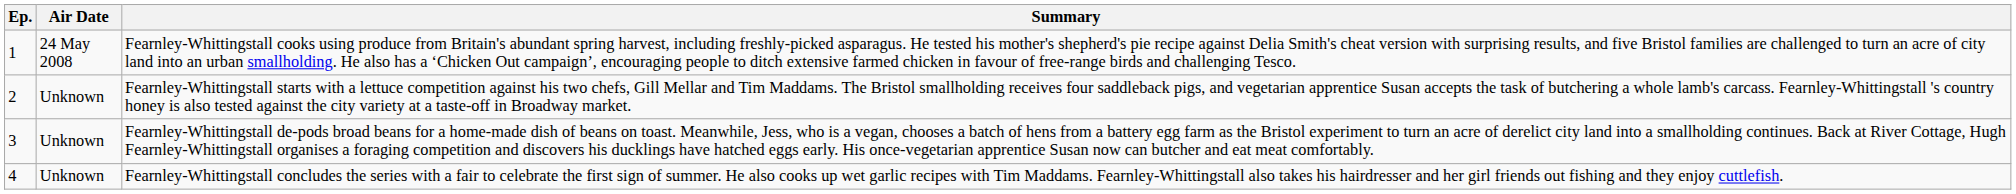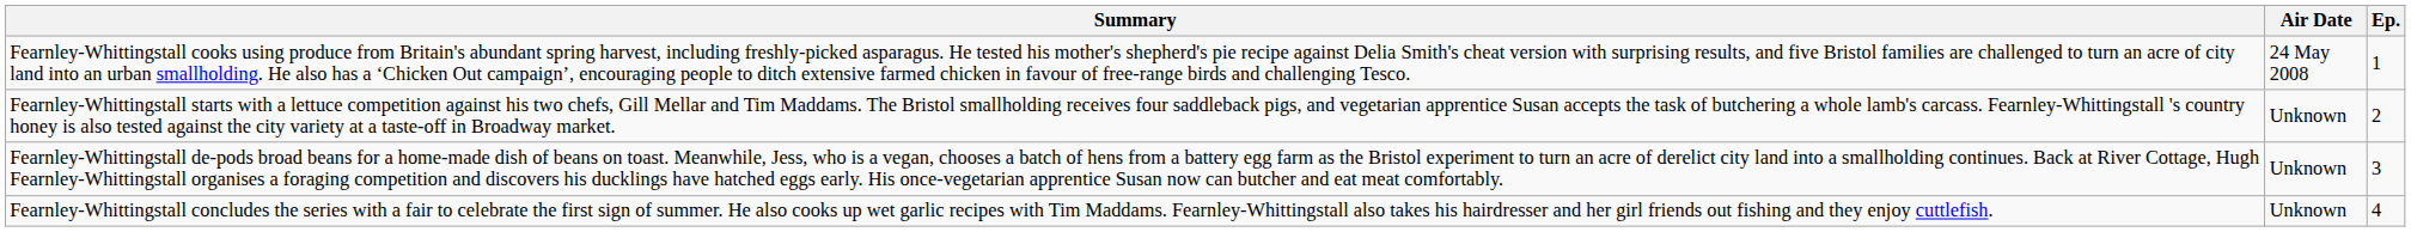 <table class="wikitable">
 <tr>
+<th>Summary</th>
+<th>Air Date</th>
 <th>Ep.</th>
-<th>Air Date</th>
-<th>Summary</th>
 </tr>
 <tr>
+<td>Fearnley-Whittingstall cooks using produce from Britain's abundant spring harvest, including freshly-picked asparagus. He tested his mother's shepherd's pie recipe against Delia Smith's cheat version with surprising results, and five Bristol families are challenged to turn an acre of city land into an urban <a href='#'>smallholding</a>. He also has a ‘Chicken Out campaign’, encouraging people to ditch extensive farmed chicken in favour of free-range birds and challenging Tesco.</td>
+<td>24 May 2008</td>
 <td>1</td>
-<td>24 May 2008</td>
-<td>Fearnley-Whittingstall cooks using produce from Britain's abundant spring harvest, including freshly-picked asparagus. He tested his mother's shepherd's pie recipe against Delia Smith's cheat version with surprising results, and five Bristol families are challenged to turn an acre of city land into an urban <a href='#'>smallholding</a>. He also has a ‘Chicken Out campaign’, encouraging people to ditch extensive farmed chicken in favour of free-range birds and challenging Tesco.</td>
 </tr>
 <tr>
+<td>Fearnley-Whittingstall starts with a lettuce competition against his two chefs, Gill Mellar and Tim Maddams. The Bristol smallholding receives four saddleback pigs, and vegetarian apprentice Susan accepts the task of butchering a whole lamb's carcass. Fearnley-Whittingstall 's country honey is also tested against the city variety at a taste-off in Broadway market.</td>
+<td>Unknown</td>
 <td>2</td>
-<td>Unknown</td>
-<td>Fearnley-Whittingstall starts with a lettuce competition against his two chefs, Gill Mellar and Tim Maddams. The Bristol smallholding receives four saddleback pigs, and vegetarian apprentice Susan accepts the task of butchering a whole lamb's carcass. Fearnley-Whittingstall 's country honey is also tested against the city variety at a taste-off in Broadway market.</td>
 </tr>
 <tr>
+<td>Fearnley-Whittingstall de-pods broad beans for a home-made dish of beans on toast. Meanwhile, Jess, who is a vegan, chooses a batch of hens from a battery egg farm as the Bristol experiment to turn an acre of derelict city land into a smallholding continues. Back at River Cottage, Hugh Fearnley-Whittingstall organises a foraging competition and discovers his ducklings have hatched eggs early. His once-vegetarian apprentice Susan now can butcher and eat meat comfortably.</td>
+<td>Unknown</td>
 <td>3</td>
-<td>Unknown</td>
-<td>Fearnley-Whittingstall de-pods broad beans for a home-made dish of beans on toast. Meanwhile, Jess, who is a vegan, chooses a batch of hens from a battery egg farm as the Bristol experiment to turn an acre of derelict city land into a smallholding continues. Back at River Cottage, Hugh Fearnley-Whittingstall organises a foraging competition and discovers his ducklings have hatched eggs early. His once-vegetarian apprentice Susan now can butcher and eat meat comfortably.</td>
 </tr>
 <tr>
+<td>Fearnley-Whittingstall concludes the series with a fair to celebrate the first sign of summer. He also cooks up wet garlic recipes with Tim Maddams. Fearnley-Whittingstall also takes his hairdresser and her girl friends out fishing and they enjoy <a href='#'>cuttlefish</a>.</td>
+<td>Unknown</td>
 <td>4</td>
-<td>Unknown</td>
-<td>Fearnley-Whittingstall concludes the series with a fair to celebrate the first sign of summer. He also cooks up wet garlic recipes with Tim Maddams. Fearnley-Whittingstall also takes his hairdresser and her girl friends out fishing and they enjoy <a href='#'>cuttlefish</a>.</td>
 </tr>
 </table>
